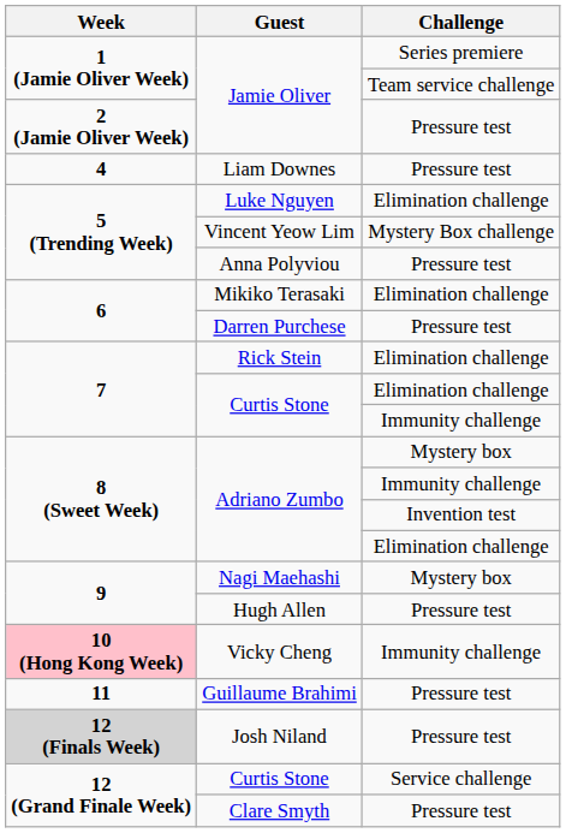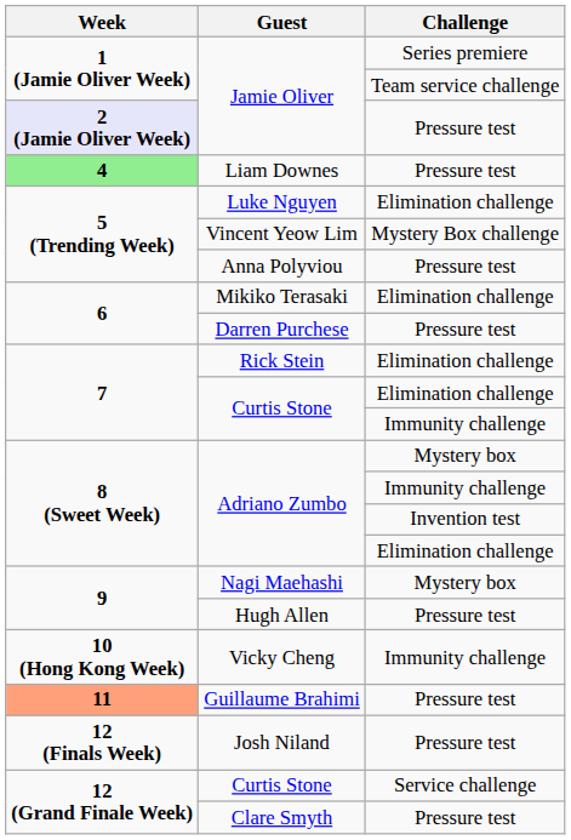 <table class="wikitable" style="text-align:center; width:30%; font-size:85%; line-height:15px">
 <tr>
 <th>Week</th>
 <th>Guest</th>
 <th>Challenge</th>
 </tr>
 <tr>
 <td rowspan=2><strong>1<br>(Jamie Oliver Week)</strong></td>
 <td rowspan=3><a href='#'>Jamie Oliver</a></td>
 <td>Series premiere</td>
 </tr>
 <tr>
 <td>Team service challenge</td>
 </tr>
 <tr>
-<td rowspan=1><strong>2<br>(Jamie Oliver Week)</strong></td>
+<td rowspan=1 style="background: lavender;"><strong>2<br>(Jamie Oliver Week)</strong></td>
 <td>Pressure test</td>
 </tr>
 <tr>
-<td><strong>4</strong></td>
+<td style="background: lightgreen;"><strong>4</strong></td>
 <td>Liam Downes</td>
 <td>Pressure test</td>
 </tr>
 <tr>
 <td rowspan=3><strong>5<br>(Trending Week)</strong></td>
 <td><a href='#'>Luke Nguyen</a></td>
 <td>Elimination challenge</td>
 </tr>
 <tr>
 <td>Vincent Yeow Lim</td>
 <td>Mystery Box challenge</td>
 </tr>
 <tr>
 <td>Anna Polyviou</td>
 <td>Pressure test</td>
 </tr>
 <tr>
 <td rowspan=2><strong>6</strong></td>
 <td>Mikiko Terasaki</td>
 <td>Elimination challenge</td>
 </tr>
 <tr>
 <td><a href='#'>Darren Purchese</a></td>
 <td>Pressure test</td>
 </tr>
 <tr>
 <td rowspan="3"><strong>7</strong></td>
 <td><a href='#'>Rick Stein</a></td>
 <td>Elimination challenge</td>
 </tr>
 <tr>
 <td rowspan="2"><a href='#'>Curtis Stone</a></td>
 <td>Elimination challenge</td>
 </tr>
 <tr>
 <td>Immunity challenge</td>
 </tr>
 <tr>
 <td rowspan="4"><strong>8<br>(Sweet Week)</strong></td>
 <td rowspan="4"><a href='#'>Adriano Zumbo</a></td>
 <td>Mystery box</td>
 </tr>
 <tr>
 <td>Immunity challenge</td>
 </tr>
 <tr>
 <td>Invention test</td>
 </tr>
 <tr>
 <td>Elimination challenge</td>
 </tr>
 <tr>
 <td rowspan=2><strong>9</strong></td>
 <td><a href='#'>Nagi Maehashi</a></td>
 <td>Mystery box</td>
 </tr>
 <tr>
 <td>Hugh Allen</td>
 <td>Pressure test</td>
 </tr>
 <tr>
-<td rowspan=1 style="background: pink;"><strong>10<br>(Hong Kong Week)</strong></td>
+<td rowspan=1><strong>10<br>(Hong Kong Week)</strong></td>
 <td>Vicky Cheng</td>
 <td>Immunity challenge</td>
 </tr>
 <tr>
-<td rowspan=1><strong>11</strong></td>
+<td rowspan=1 style="background: lightsalmon;"><strong>11</strong></td>
 <td rowspan="1"><a href='#'>Guillaume Brahimi</a></td>
 <td>Pressure test</td>
 </tr>
 <tr>
-<td rowspan=1 style="background: lightgrey;"><strong>12<br>(Finals Week)</strong></td>
+<td rowspan=1><strong>12<br>(Finals Week)</strong></td>
 <td>Josh Niland</td>
 <td>Pressure test</td>
 </tr>
 <tr>
 <td rowspan=2><strong>12<br>(Grand Finale Week)</strong></td>
 <td><a href='#'>Curtis Stone</a></td>
 <td>Service challenge</td>
 </tr>
 <tr>
 <td><a href='#'>Clare Smyth</a></td>
 <td>Pressure test</td>
 </tr>
 </table>
